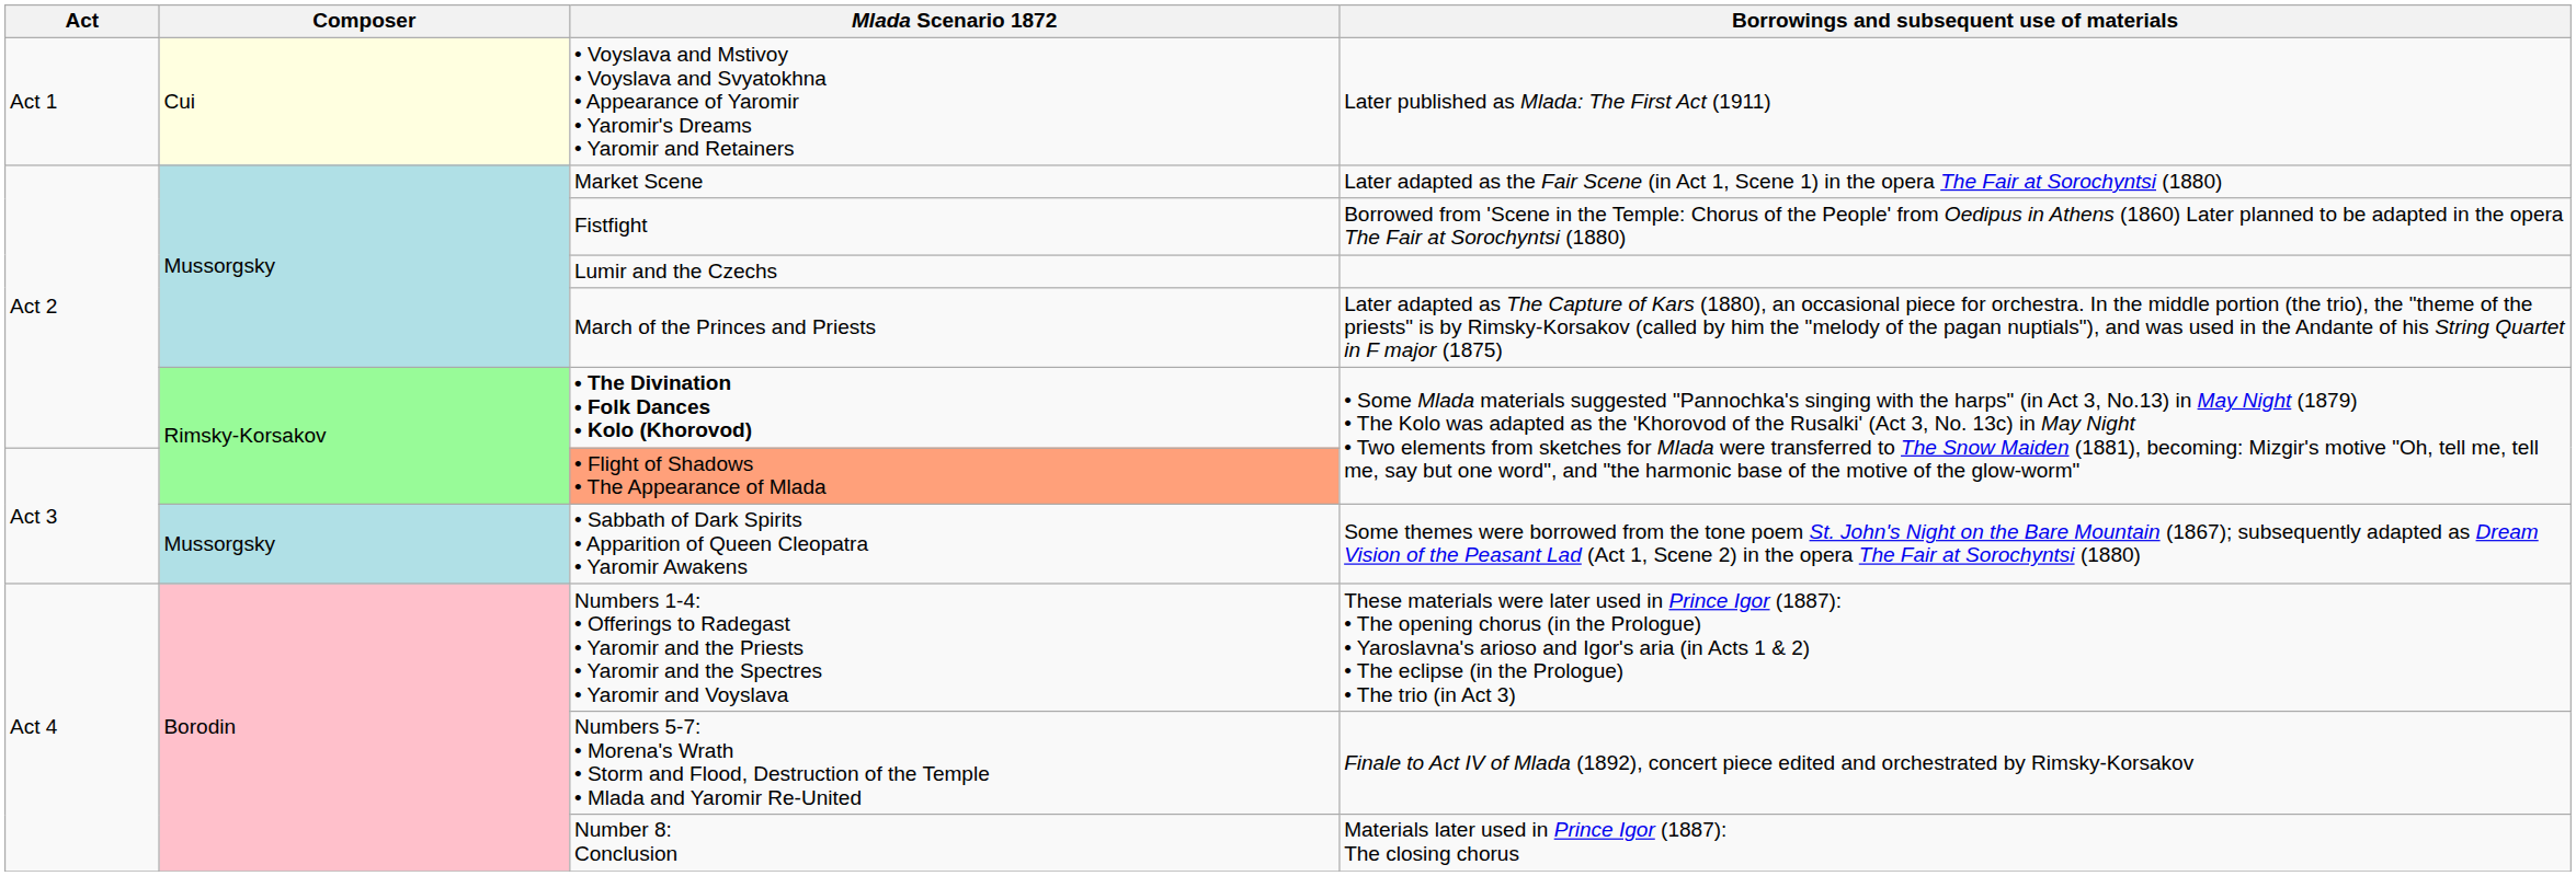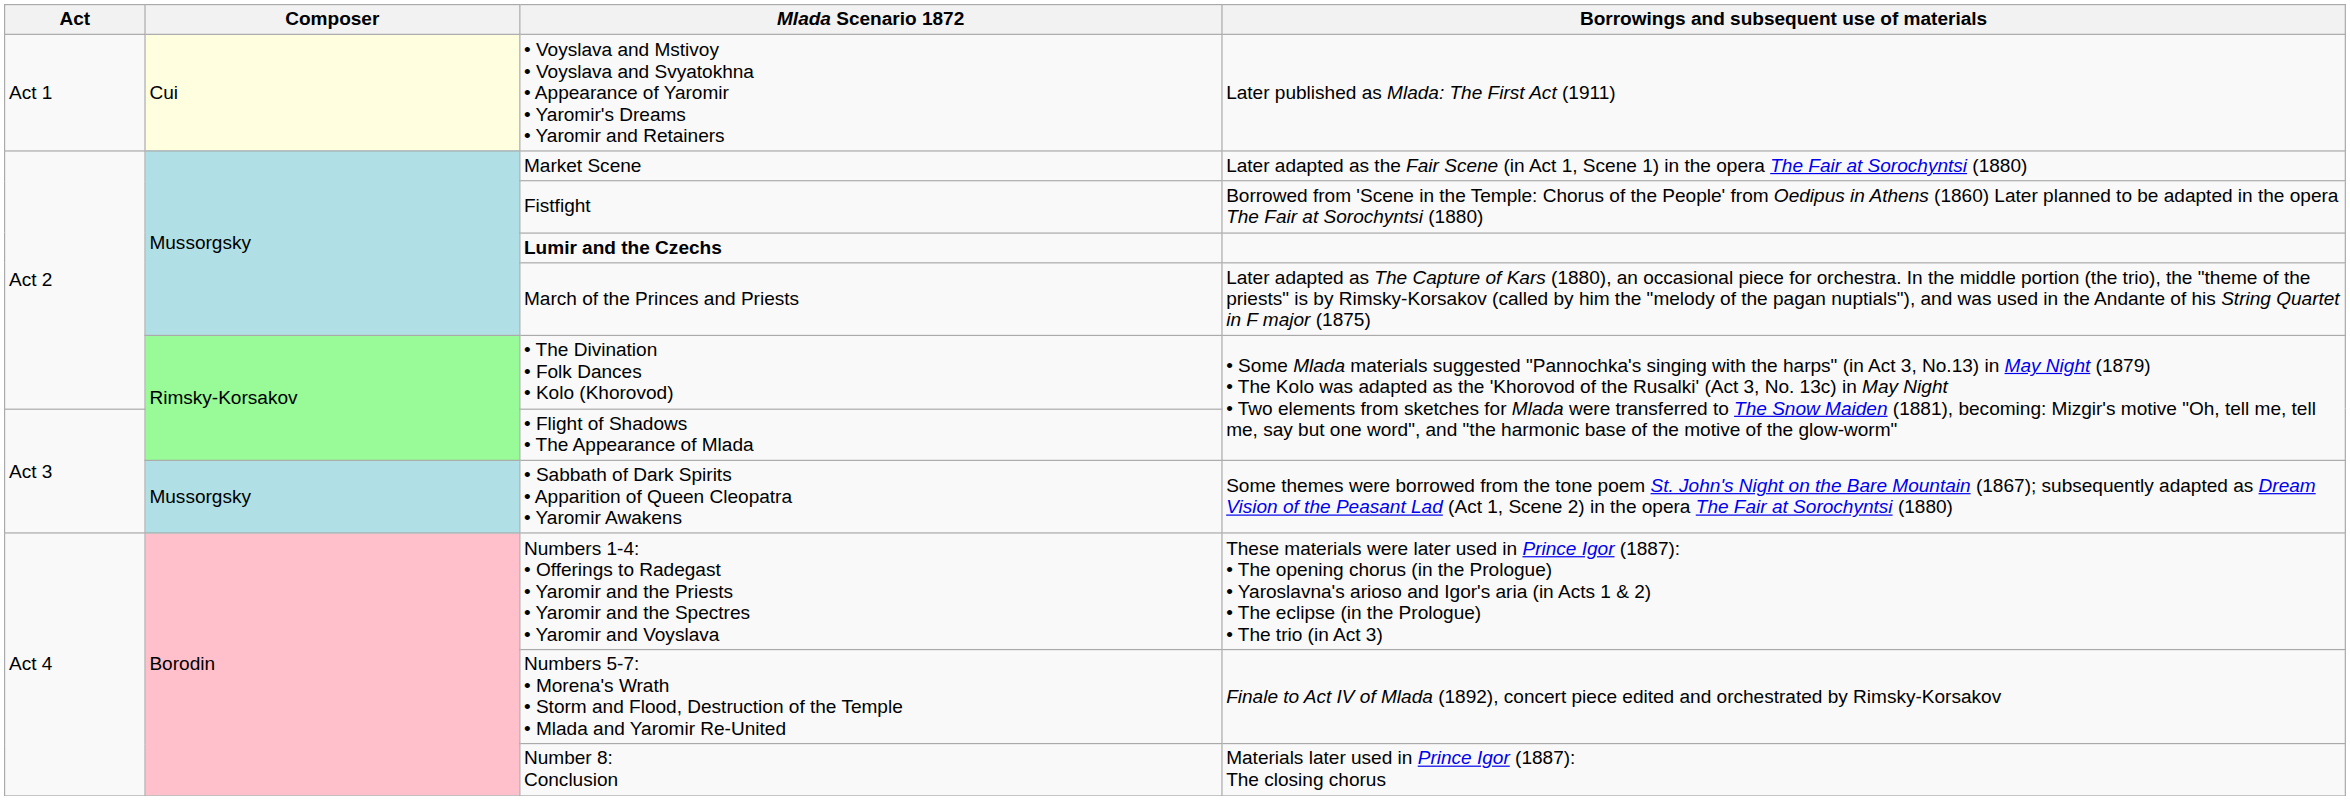 <table class="wikitable" border="1"; style="text-align: left"; style="width:75em; font-size:90%; line-height:1.5">
 <tr>
 <th style="width:6%;">Act</th>
 <th style="width:16%;">Composer</th>
 <th style="width:30%;"><em>Mlada</em> Scenario 1872</th>
 <th style="width:48%;">Borrowings and subsequent use of materials</th>
 </tr>
 <tr>
 <td>Act 1</td>
 <td style="background:#FFFFE0">Cui</td>
 <td>• Voyslava and Mstivoy<br> • Voyslava and Svyatokhna<br> • Appearance of Yaromir<br> • Yaromir's Dreams<br> • Yaromir and Retainers</td>
 <td>Later published as <em>Mlada: The First Act</em> (1911)</td>
 </tr>
 <tr>
 <td rowspan=5>Act 2</td>
 <td rowspan=4; style="background:#B0E0E6">Mussorgsky</td>
 <td>Market Scene</td>
 <td>Later adapted as the <em>Fair Scene</em> (in Act 1, Scene 1) in the opera <em><a href='#'>The Fair at Sorochyntsi</a></em> (1880)</td>
 </tr>
 <tr>
 <td>Fistfight</td>
 <td>Borrowed from 'Scene in the Temple: Chorus of the People' from <em>Oedipus in Athens</em> (1860) Later planned to be adapted in the opera <em>The Fair at Sorochyntsi</em> (1880)</td>
 </tr>
 <tr>
-<td>Lumir and the Czechs</td>
+<td><strong>Lumir and the Czechs</strong></td>
 <td></td>
 </tr>
 <tr>
 <td>March of the Princes and Priests</td>
 <td>Later adapted as <em>The Capture of Kars</em> (1880), an occasional piece for orchestra. In the middle portion (the trio), the "theme of the priests" is by Rimsky-Korsakov (called by him the "melody of the pagan nuptials"), and was used in the Andante of his <em>String Quartet in F major</em> (1875)</td>
 </tr>
 <tr>
 <td rowspan=2; style="background:#98FB98">Rimsky-Korsakov</td>
-<td><strong>• The Divination<br>• Folk Dances<br>• Kolo (Khorovod)</strong></td>
+<td>• The Divination<br>• Folk Dances<br>• Kolo (Khorovod)</td>
 <td rowspan=2>• Some <em>Mlada</em> materials suggested "Pannochka's singing with the harps" (in Act 3, No.13) in <em><a href='#'>May Night</a></em> (1879)<br>• The Kolo was adapted as the 'Khorovod of the Rusalki' (Act 3, No. 13c) in <em>May Night</em><br>• Two elements from sketches for <em>Mlada</em> were transferred to <em><a href='#'>The Snow Maiden</a></em> (1881), becoming: Mizgir's motive "Oh, tell me, tell me, say but one word", and "the harmonic base of the motive of the glow-worm"</td>
 </tr>
 <tr>
 <td rowspan=2>Act 3</td>
-<td style="background: lightsalmon;">• Flight of Shadows<br>• The Appearance of Mlada</td>
+<td>• Flight of Shadows<br>• The Appearance of Mlada</td>
 </tr>
 <tr>
 <td style="background:#B0E0E6">Mussorgsky</td>
 <td>• Sabbath of Dark Spirits<br> • Apparition of Queen Cleopatra<br>• Yaromir Awakens</td>
 <td>Some themes were borrowed from the tone poem <em><a href='#'>St. John's Night on the Bare Mountain</a></em> (1867); subsequently adapted as <em><a href='#'>Dream Vision of the Peasant Lad</a></em> (Act 1, Scene 2) in the opera <em><a href='#'>The Fair at Sorochyntsi</a></em> (1880)</td>
 </tr>
 <tr>
 <td rowspan=3>Act 4</td>
 <td rowspan=3; style="background:#FFC0CB">Borodin</td>
 <td>Numbers 1-4:<br> • Offerings to Radegast<br> • Yaromir and the Priests<br> • Yaromir and the Spectres<br> • Yaromir and Voyslava</td>
 <td>These materials were later used in <em><a href='#'>Prince Igor</a></em> (1887):<br> • The opening chorus (in the Prologue)<br> • Yaroslavna's arioso and Igor's aria (in Acts 1 & 2)<br> • The eclipse (in the Prologue)<br> • The trio (in Act 3)</td>
 </tr>
 <tr>
 <td>Numbers 5-7:<br> • Morena's Wrath<br> • Storm and Flood, Destruction of the Temple <br> • Mlada and Yaromir Re-United</td>
 <td><em>Finale to Act IV of Mlada</em> (1892), concert piece edited and orchestrated by Rimsky-Korsakov</td>
 </tr>
 <tr>
 <td>Number 8:<br>Conclusion</td>
 <td>Materials later used in <em><a href='#'>Prince Igor</a></em> (1887):<br>The closing chorus</td>
 </tr>
 </table>
